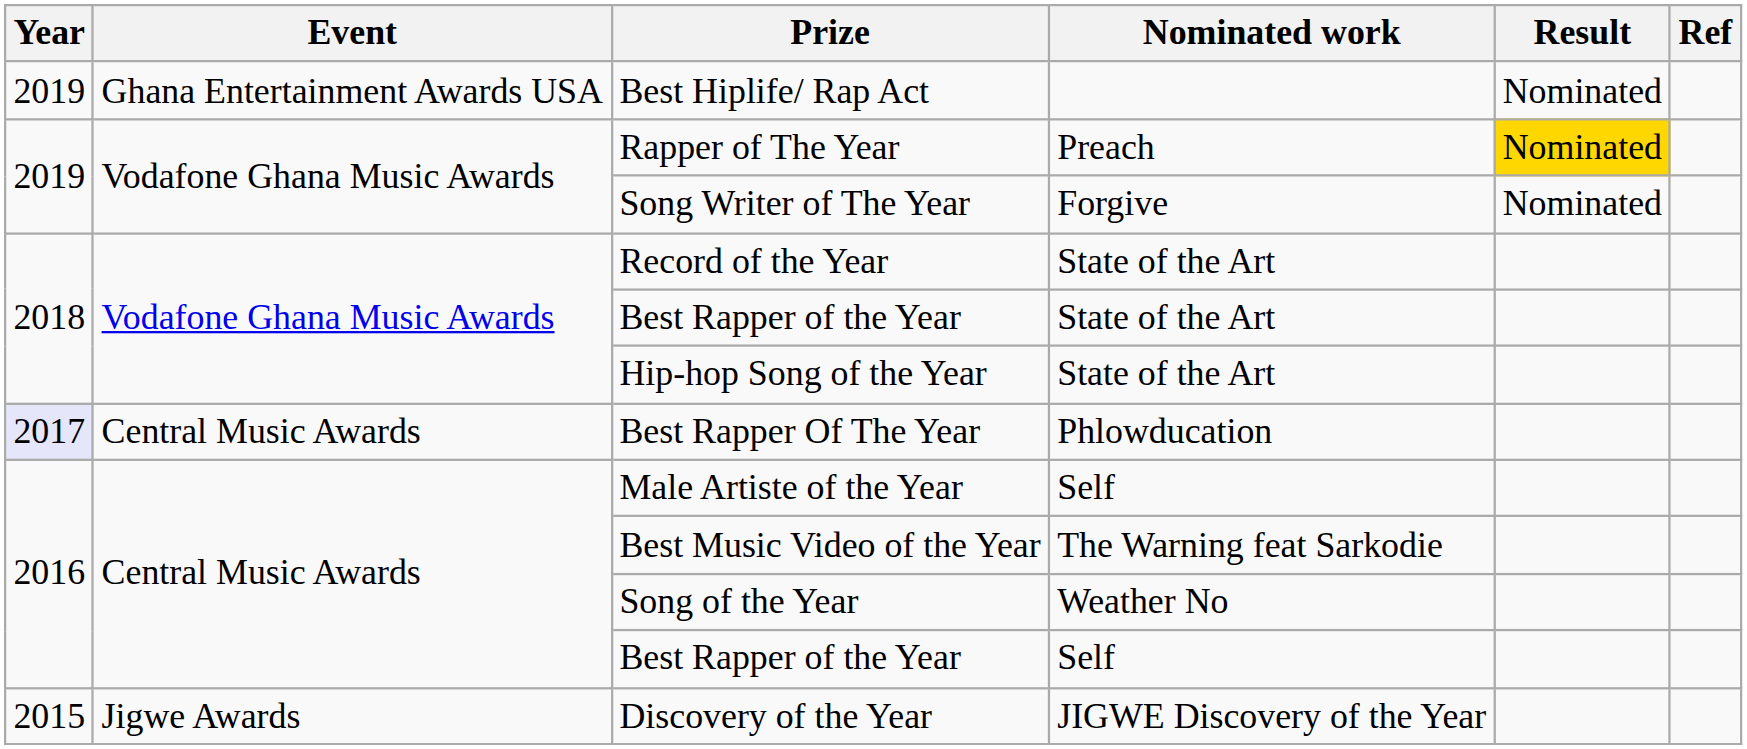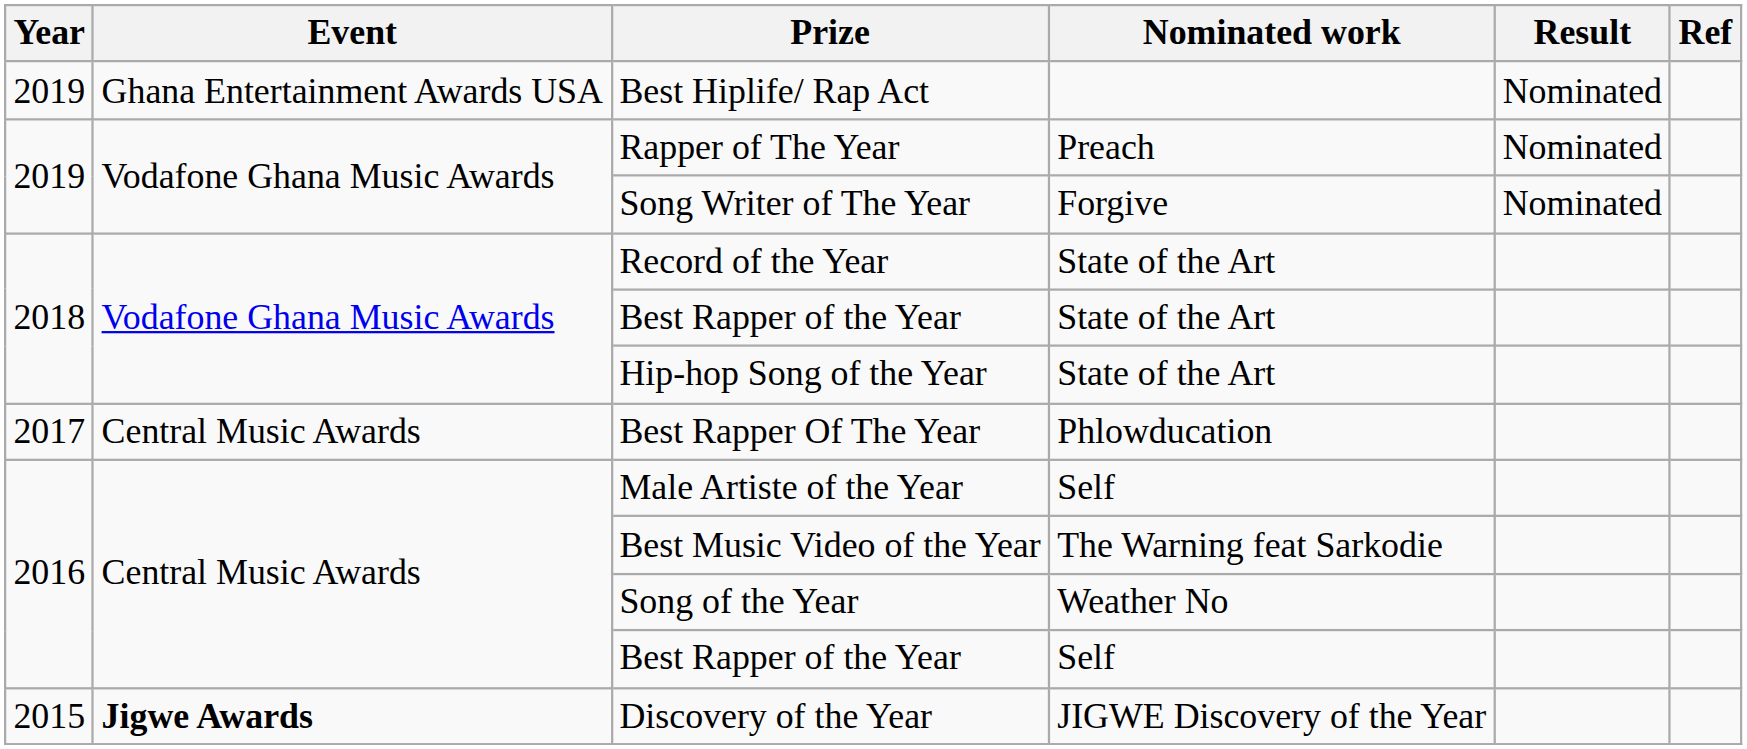 <table class = "wikitable sortable">
 <tr>
 <th>Year</th>
 <th>Event</th>
 <th>Prize</th>
 <th>Nominated work</th>
 <th>Result</th>
 <th>Ref</th>
 </tr>
 <tr>
 <td>2019</td>
 <td>Ghana Entertainment Awards USA</td>
 <td>Best Hiplife/ Rap Act</td>
 <td></td>
 <td>Nominated</td>
 <td></td>
 </tr>
 <tr>
 <td rowspan="2">2019</td>
 <td rowspan="2">Vodafone Ghana Music Awards</td>
 <td>Rapper of The Year</td>
 <td>Preach</td>
-<td style="background: gold;">Nominated</td>
+<td>Nominated</td>
 <td></td>
 </tr>
 <tr>
 <td>Song Writer of The Year</td>
 <td>Forgive</td>
 <td>Nominated</td>
 <td></td>
 </tr>
 <tr>
 <td rowspan="3">2018</td>
 <td rowspan="3"><a href='#'>Vodafone Ghana Music Awards</a></td>
 <td>Record of the Year</td>
 <td>State of the Art</td>
 <td></td>
 <td></td>
 </tr>
 <tr>
 <td>Best Rapper of the Year</td>
 <td>State of the Art</td>
 <td></td>
 <td></td>
 </tr>
 <tr>
 <td>Hip-hop Song of the Year</td>
 <td>State of the Art</td>
 <td></td>
 <td></td>
 </tr>
 <tr>
-<td rowspan="1" style="background: lavender;">2017</td>
+<td rowspan="1">2017</td>
 <td rowspan="1">Central Music Awards</td>
 <td>Best Rapper Of The Year</td>
 <td>Phlowducation</td>
 <td></td>
 <td></td>
 </tr>
 <tr>
 <td rowspan="4">2016</td>
 <td rowspan="4">Central Music Awards</td>
 <td>Male Artiste of the Year</td>
 <td>Self</td>
 <td></td>
 <td></td>
 </tr>
 <tr>
 <td>Best Music Video of the Year</td>
 <td>The Warning feat Sarkodie</td>
 <td></td>
 <td></td>
 </tr>
 <tr>
 <td>Song of the Year</td>
 <td>Weather No</td>
 <td></td>
 <td></td>
 </tr>
 <tr>
 <td>Best Rapper of the Year</td>
 <td>Self</td>
 <td></td>
 <td></td>
 </tr>
 <tr>
 <td rowspan="1">2015</td>
-<td rowspan="1">Jigwe Awards</td>
+<td rowspan="1"><strong>Jigwe Awards</strong></td>
 <td>Discovery of the Year</td>
 <td>JIGWE Discovery of the Year</td>
 <td></td>
 <td></td>
 </tr>
 <tr>
 </tr>
 </table>
